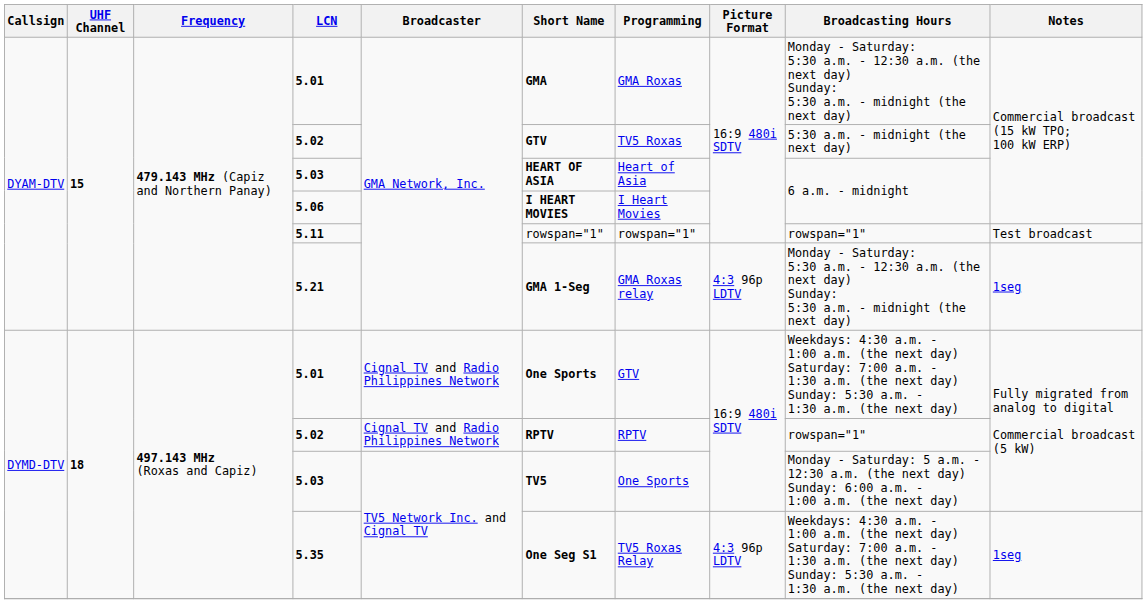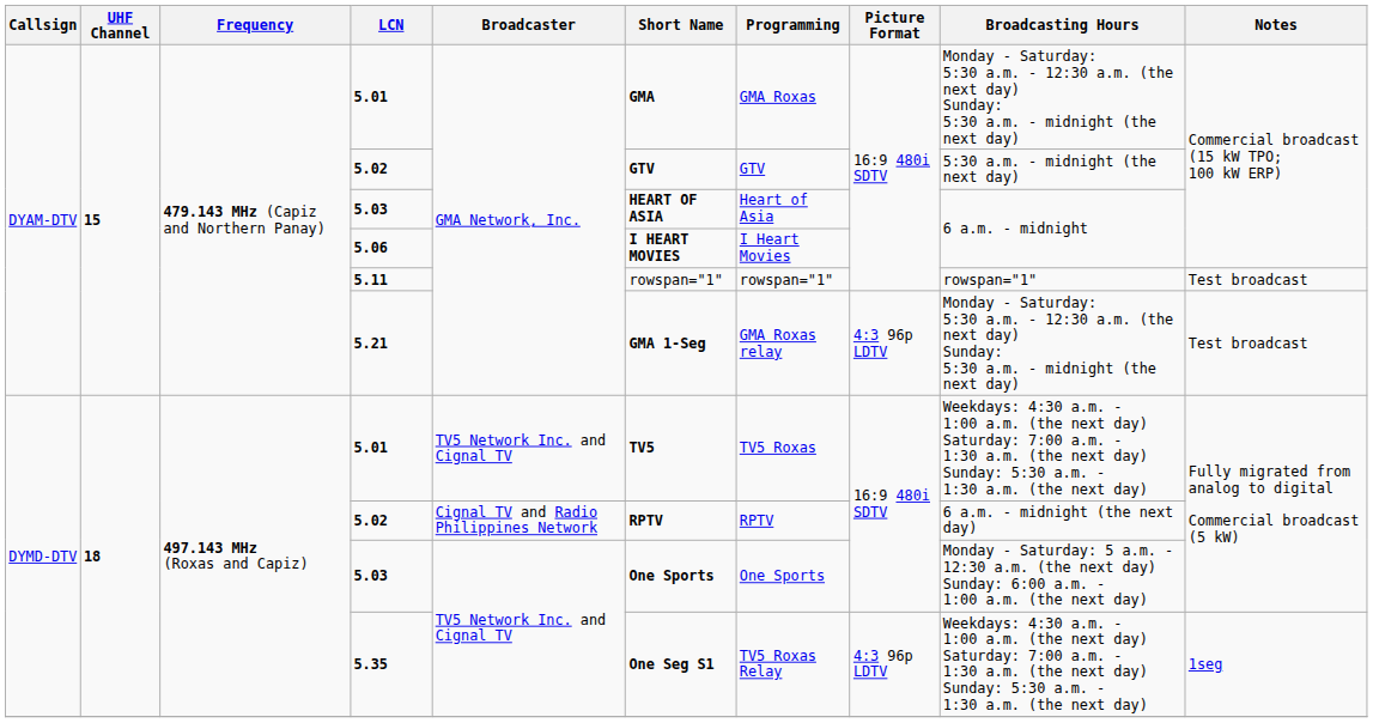 <table class="wikitable sortable">
 <tr>
 <th>Callsign</th>
 <th><a href='#'>UHF</a> Channel</th>
 <th><a href='#'>Frequency</a></th>
 <th width="6%"><a href='#'>LCN</a></th>
 <th>Broadcaster</th>
 <th>Short Name</th>
 <th>Programming</th>
 <th>Picture Format</th>
 <th>Broadcasting Hours</th>
 <th>Notes</th>
 </tr>
 <tr>
 <td rowspan="6"><a href='#'>DYAM-DTV</a></td>
 <td rowspan="6"><strong>15</strong></td>
 <td rowspan="6"><strong>479.143 MHz</strong> (Capiz and Northern Panay)</td>
 <td><strong>5.01</strong></td>
 <td rowspan="6"><a href='#'>GMA Network, Inc.</a></td>
 <td><strong>GMA</strong></td>
 <td><a href='#'>GMA Roxas</a></td>
 <td rowspan="5">16:9 <a href='#'>480i</a> <a href='#'>SDTV</a></td>
 <td>Monday - Saturday: <br> 5:30 a.m. - 12:30 a.m. (the next day) <br> Sunday: <br> 5:30 a.m. - midnight (the next day)</td>
 <td rowspan="4">Commercial broadcast                         <br>(15 kW TPO;<br>100 kW ERP)<br></td>
 </tr>
 <tr>
 <td><strong>5.02</strong></td>
 <td><strong>GTV</strong></td>
-<td><a href='#'>TV5 Roxas</a></td>
+<td><a href='#'>GTV</a></td>
 <td>5:30 a.m. - midnight (the next day)</td>
 </tr>
 <tr>
 <td><strong>5.03</strong></td>
 <td><strong>HEART OF ASIA</strong></td>
 <td><a href='#'>Heart of Asia</a></td>
 <td rowspan="2">6 a.m. - midnight</td>
 </tr>
 <tr>
 <td><strong>5.06</strong></td>
 <td><strong>I HEART MOVIES</strong></td>
 <td><a href='#'>I Heart Movies</a></td>
 </tr>
 <tr>
 <td><strong>5.11</strong></td>
 <td>rowspan="1" </td>
 <td>rowspan="1" </td>
 <td>rowspan="1" </td>
 <td rowspan="1">Test broadcast</td>
 </tr>
 <tr>
 <td><strong>5.21</strong></td>
 <td><strong>GMA 1-Seg</strong></td>
 <td><a href='#'>GMA Roxas relay</a></td>
 <td><a href='#'>4:3</a> 96p <a href='#'>LDTV</a></td>
 <td>Monday - Saturday: <br> 5:30 a.m. - 12:30 a.m. (the next day) <br> Sunday: <br> 5:30 a.m. - midnight (the next day)</td>
-<td><a href='#'>1seg</a></td>
+<td rowspan="1">Test broadcast</td>
 </tr>
 <tr>
 <td rowspan="4"><a href='#'>DYMD-DTV</a></td>
 <td rowspan="4"><strong>18</strong></td>
 <td rowspan="4"><strong>497.143 MHz</strong><br>(Roxas and Capiz)</td>
 <td><strong>5.01</strong></td>
-<td><a href='#'>Cignal TV</a> and <a href='#'>Radio Philippines Network</a></td>
-<td><strong>One Sports</strong></td>
-<td><a href='#'>GTV</a></td>
+<td rowspan="1"><a href='#'>TV5 Network Inc.</a> and <a href='#'>Cignal TV</a></td>
+<td><strong>TV5</strong></td>
+<td><a href='#'>TV5 Roxas</a></td>
 <td rowspan="3">16:9 <a href='#'>480i</a> <a href='#'>SDTV</a></td>
 <td>Weekdays:  4:30 a.m. - 1:00 a.m. (the next day) <br> Saturday: 7:00 a.m. - 1:30 a.m. (the next day) <br> Sunday: 5:30 a.m. - 1:30 a.m. (the next day)</td>
 <td rowspan="3">Fully migrated from analog to digital<br><br>Commercial broadcast (5 kW)<br></td>
 </tr>
 <tr>
 <td><strong>5.02</strong></td>
 <td><a href='#'>Cignal TV</a> and <a href='#'>Radio Philippines Network</a></td>
 <td><strong>RPTV</strong></td>
 <td><a href='#'>RPTV</a></td>
-<td>rowspan="1" </td>
+<td>6 a.m. - midnight (the next day)</td>
 </tr>
 <tr>
 <td><strong>5.03</strong></td>
 <td rowspan="2"><a href='#'>TV5 Network Inc.</a> and <a href='#'>Cignal TV</a></td>
-<td><strong>TV5</strong></td>
+<td><strong>One Sports</strong></td>
 <td><a href='#'>One Sports</a></td>
 <td>Monday - Saturday: 5 a.m. - 12:30 a.m. (the next day) <br> Sunday: 6:00 a.m. - 1:00 a.m. (the next day)</td>
 </tr>
 <tr>
 <td><strong>5.35</strong></td>
 <td><strong>One Seg S1</strong></td>
 <td><a href='#'>TV5 Roxas Relay</a></td>
 <td><a href='#'>4:3</a> 96p <a href='#'>LDTV</a></td>
 <td>Weekdays:  4:30 a.m. - 1:00 a.m. (the next day) <br> Saturday: 7:00 a.m. - 1:30 a.m. (the next day) <br> Sunday: 5:30 a.m. - 1:30 a.m. (the next day)</td>
 <td><a href='#'>1seg</a></td>
 </tr>
 <tr>
 </tr>
 </table>
